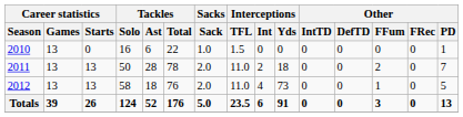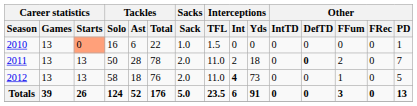 <table class="wikitable">
 <tr>
 <th colspan="3">Career statistics</th>
 <th colspan="3">Tackles</th>
 <th>Sacks</th>
 <th colspan="3">Interceptions</th>
 <th colspan="5">Other</th>
 </tr>
 <tr>
 <th>Season</th>
 <th>Games</th>
 <th>Starts</th>
 <th>Solo</th>
 <th>Ast</th>
 <th>Total</th>
 <th>Sack</th>
 <th>TFL</th>
 <th>Int</th>
 <th>Yds</th>
 <th>IntTD</th>
 <th>DefTD</th>
 <th>FFum</th>
 <th>FRec</th>
 <th>PD</th>
 </tr>
 <tr>
 <td><a href='#'>2010</a></td>
 <td>13</td>
-<td>0</td>
+<td style="background: lightsalmon;">0</td>
 <td>16</td>
 <td>6</td>
 <td>22</td>
 <td>1.0</td>
 <td>1.5</td>
 <td>0</td>
 <td>0</td>
 <td>0</td>
 <td>0</td>
 <td>0</td>
 <td>0</td>
 <td>1</td>
 </tr>
 <tr>
 <td><a href='#'>2011</a></td>
 <td>13</td>
 <td>13</td>
 <td>50</td>
 <td>28</td>
 <td>78</td>
 <td>2.0</td>
 <td>11.0</td>
 <td>2</td>
 <td>18</td>
 <td>0</td>
-<td>0</td>
+<td><strong>0</strong></td>
 <td>2</td>
 <td>0</td>
 <td>7</td>
 </tr>
 <tr>
 <td><a href='#'>2012</a></td>
 <td>13</td>
 <td>13</td>
 <td>58</td>
 <td>18</td>
 <td>76</td>
 <td>2.0</td>
 <td>11.0</td>
-<td>4</td>
+<td><strong>4</strong></td>
 <td>73</td>
 <td>0</td>
 <td>0</td>
 <td>1</td>
 <td>0</td>
 <td>5</td>
 </tr>
 <tr>
 <th>Totals</th>
 <td><strong>39</strong></td>
 <td><strong>26</strong></td>
 <td><strong>124</strong></td>
 <td><strong>52</strong></td>
 <td><strong>176</strong></td>
 <td><strong>5.0</strong></td>
 <td><strong>23.5</strong></td>
 <td><strong>6</strong></td>
 <td><strong>91</strong></td>
 <td><strong>0</strong></td>
 <td><strong>0</strong></td>
 <td><strong>3</strong></td>
 <td><strong>0</strong></td>
 <td><strong>13</strong></td>
 </tr>
 <tr>
 </tr>
 </table>
